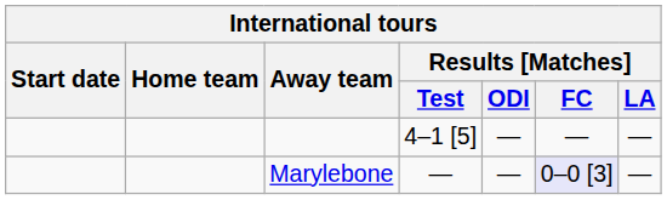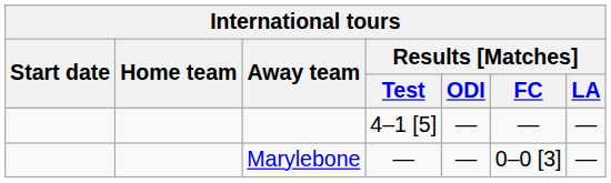 <table class="wikitable">
 <tr>
 <th colspan="7">International tours</th>
 </tr>
 <tr>
 <th rowspan="2">Start date</th>
 <th rowspan="2">Home team</th>
 <th rowspan="2">Away team</th>
 <th colspan="4">Results [Matches]</th>
 </tr>
 <tr>
 <th><a href='#'>Test</a></th>
 <th><a href='#'>ODI</a></th>
 <th><a href='#'>FC</a></th>
 <th><a href='#'>LA</a></th>
 </tr>
 <tr>
 <td><a href='#'></a></td>
 <td></td>
 <td></td>
 <td>4–1 [5]</td>
 <td ; style="text-align:center">—</td>
 <td ; style="text-align:center">—</td>
 <td ; style="text-align:center">—</td>
 </tr>
 <tr>
 <td><a href='#'></a></td>
 <td></td>
 <td><a href='#'>Marylebone</a></td>
 <td ; style="text-align:center">—</td>
 <td ; style="text-align:center">—</td>
-<td style="background: lavender;">0–0 [3]</td>
+<td>0–0 [3]</td>
 <td ; style="text-align:center">—</td>
 </tr>
 </table>
